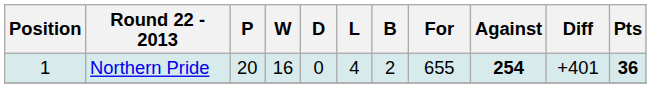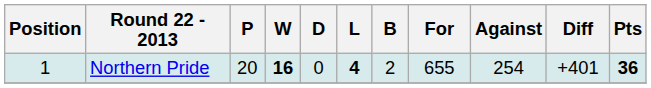 <table class="wikitable" style="text-align:center; font-size:85%;">
 <tr>
 <th width=40 abbr="Position">Position</th>
 <th width=100>Round 22 - 2013</th>
 <th width=20 abbr="Played">P</th>
 <th width=20 abbr="Won">W</th>
 <th width=20 abbr="Drawn">D</th>
 <th width=20 abbr="Lost">L</th>
 <th width=20 abbr="Bye">B</th>
 <th width=40 abbr="Points for">For</th>
 <th width=40 abbr="Points against">Against</th>
 <th width=40 abbr="Points difference">Diff</th>
 <th width=20 abbr="Points">Pts</th>
 </tr>
 <tr style="background: #d7ebed;">
 <td>1</td>
 <td style="text-align:left;"> <a href='#'>Northern Pride</a></td>
 <td>20</td>
-<td>16</td>
+<td><strong>16</strong></td>
 <td>0</td>
-<td>4</td>
+<td><strong>4</strong></td>
 <td>2</td>
 <td>655</td>
-<td><strong>254</strong></td>
+<td>254</td>
 <td>+401</td>
 <td><strong>36</strong></td>
 </tr>
 <tr>
 </tr>
 </table>
